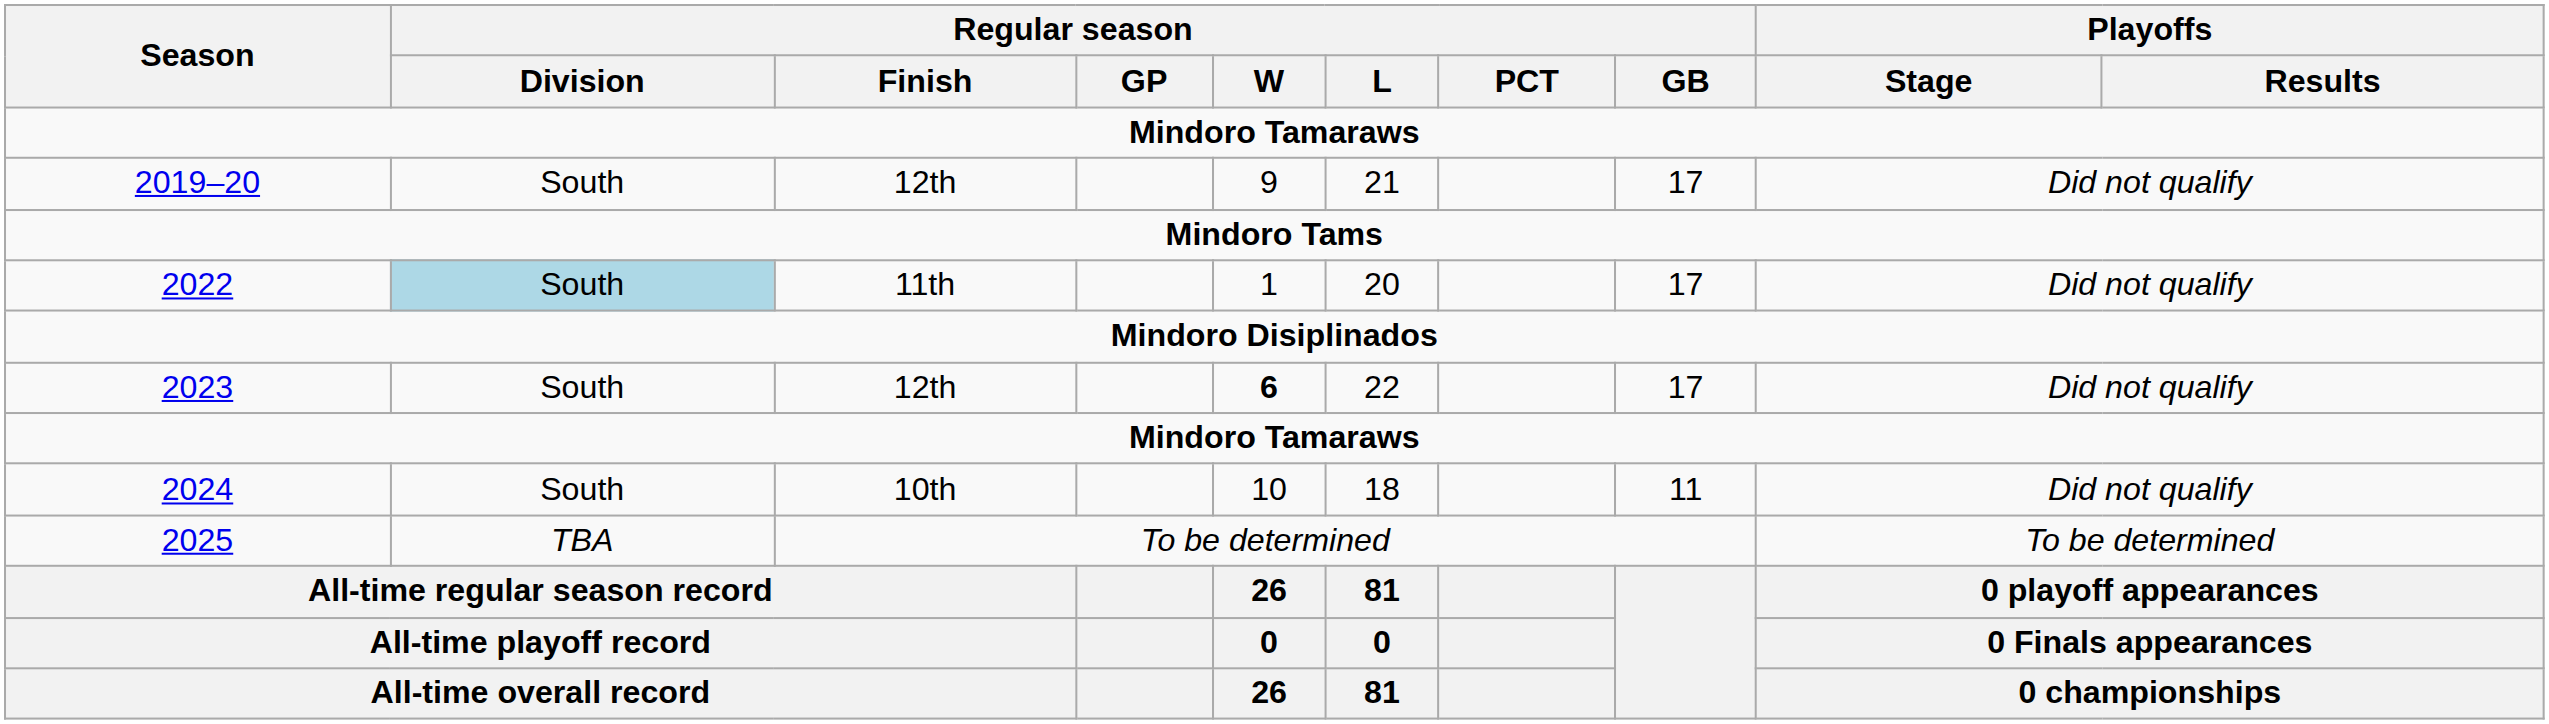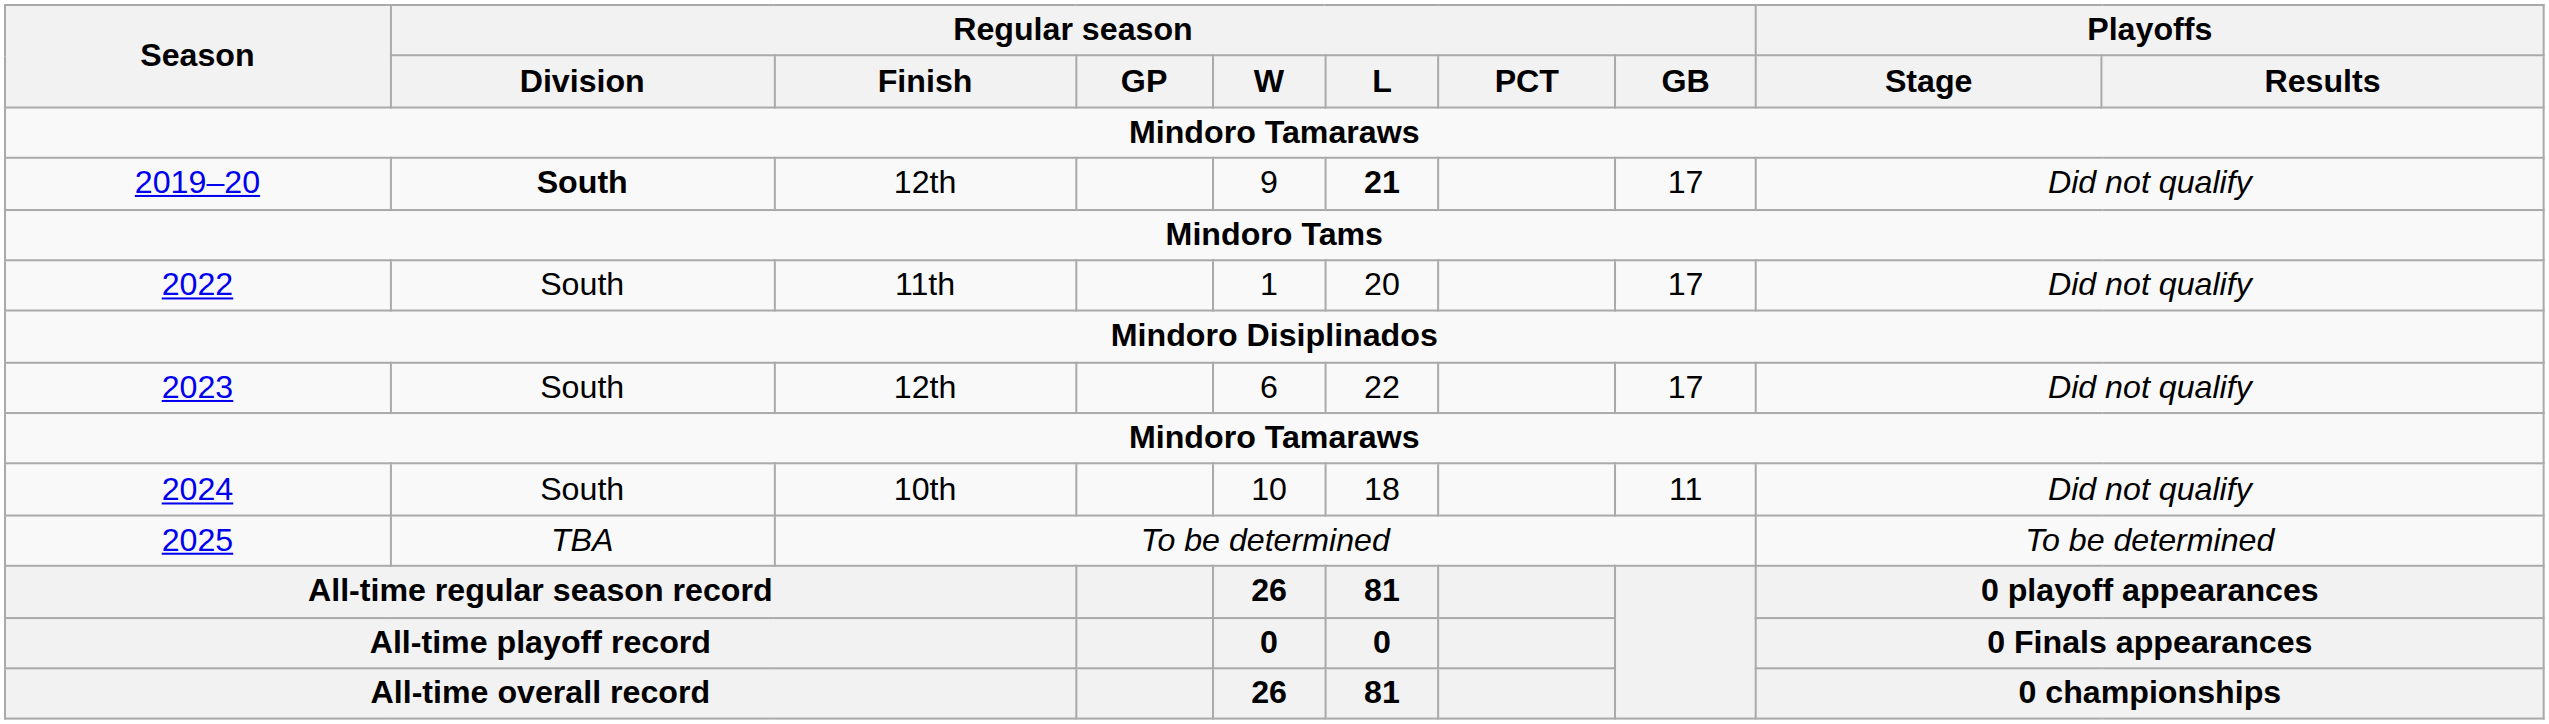 <table class=wikitable style="width:100%; text-align:center">
 <tr>
 <th rowspan=2>Season</th>
 <th colspan=7>Regular season</th>
 <th colspan=2>Playoffs</th>
 </tr>
 <tr>
 <th>Division</th>
 <th>Finish</th>
 <th>GP</th>
 <th>W</th>
 <th>L</th>
 <th>PCT</th>
 <th>GB</th>
 <th>Stage</th>
 <th>Results</th>
 </tr>
 <tr>
 <td colspan=10><span><strong>Mindoro Tamaraws</strong></span></td>
 </tr>
 <tr>
 <td><a href='#'>2019–20</a> <br> </td>
-<td>South</td>
+<td><strong>South</strong></td>
 <td>12th</td>
 <td></td>
 <td>9</td>
-<td>21</td>
+<td><strong>21</strong></td>
 <td></td>
 <td>17</td>
 <td colspan="2"><em>Did not qualify</em></td>
 </tr>
 <tr>
 <td colspan=10><span><strong>Mindoro Tams</strong></span></td>
 </tr>
 <tr>
 <td><a href='#'>2022</a></td>
-<td style="background: lightblue;">South</td>
+<td>South</td>
 <td>11th</td>
 <td></td>
 <td>1</td>
 <td>20</td>
 <td></td>
 <td>17</td>
 <td colspan="2"><em>Did not qualify</em></td>
 </tr>
 <tr>
 <td colspan=10><span><strong>Mindoro Disiplinados</strong></span></td>
 </tr>
 <tr>
 <td><a href='#'>2023</a></td>
 <td>South</td>
 <td>12th</td>
 <td></td>
-<td><strong>6</strong></td>
+<td>6</td>
 <td>22</td>
 <td></td>
 <td>17</td>
 <td colspan="2"><em>Did not qualify</em></td>
 </tr>
 <tr>
 <td colspan=10><span><strong>Mindoro Tamaraws</strong></span></td>
 </tr>
 <tr>
 <td><a href='#'>2024</a></td>
 <td>South</td>
 <td>10th</td>
 <td></td>
 <td>10</td>
 <td>18</td>
 <td></td>
 <td>11</td>
 <td colspan="2"><em>Did not qualify</em></td>
 </tr>
 <tr>
 <td><a href='#'>2025</a></td>
 <td><em>TBA</em></td>
 <td colspan=6><em>To be determined</em></td>
 <td colspan=2><em>To be determined</em></td>
 </tr>
 <tr>
 <th colspan=3>All-time regular season record</th>
 <th></th>
 <th>26</th>
 <th>81</th>
 <th></th>
 <th rowspan="3"></th>
 <th colspan="2">0 playoff appearances</th>
 </tr>
 <tr>
 <th colspan=3>All-time playoff record</th>
 <th></th>
 <th>0</th>
 <th>0</th>
 <th></th>
 <th colspan=2>0 Finals appearances</th>
 </tr>
 <tr>
 <th colspan=3>All-time overall record</th>
 <th></th>
 <th>26</th>
 <th>81</th>
 <th></th>
 <th colspan="2">0 championships</th>
 </tr>
 </table>
